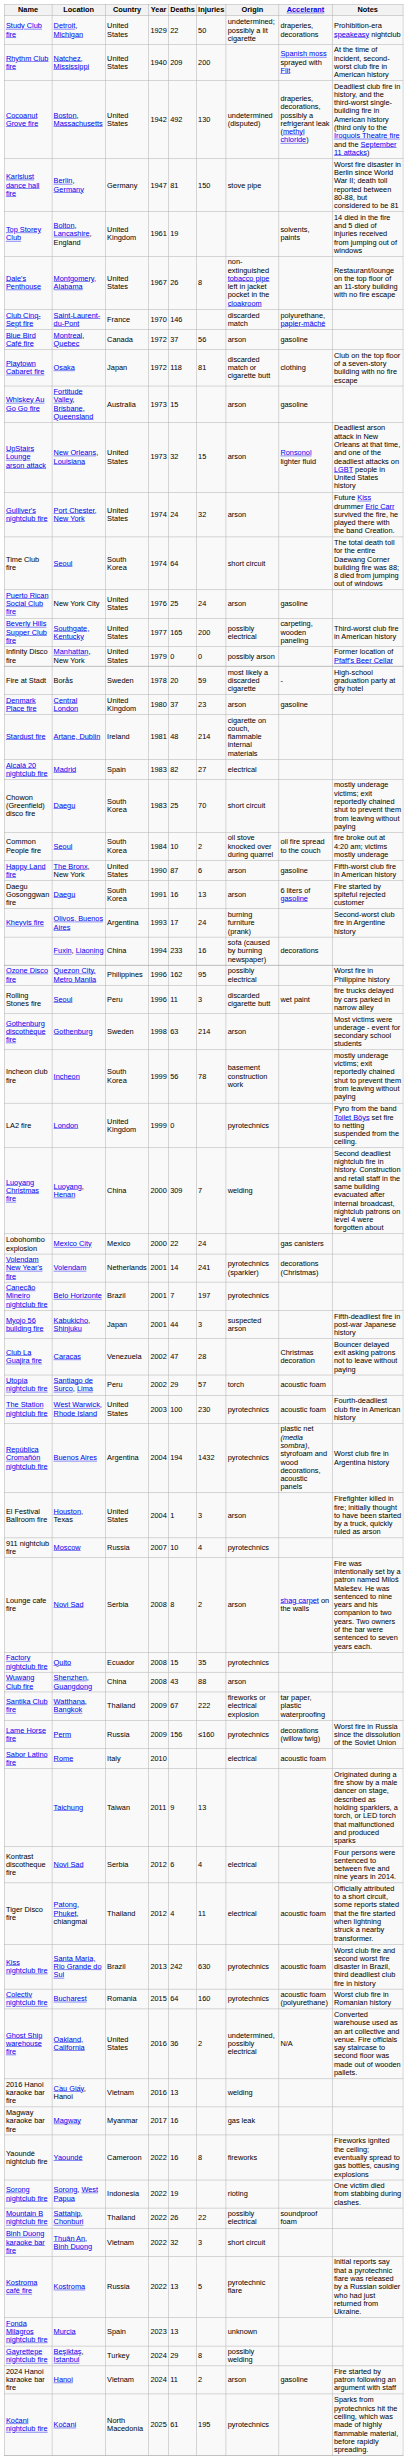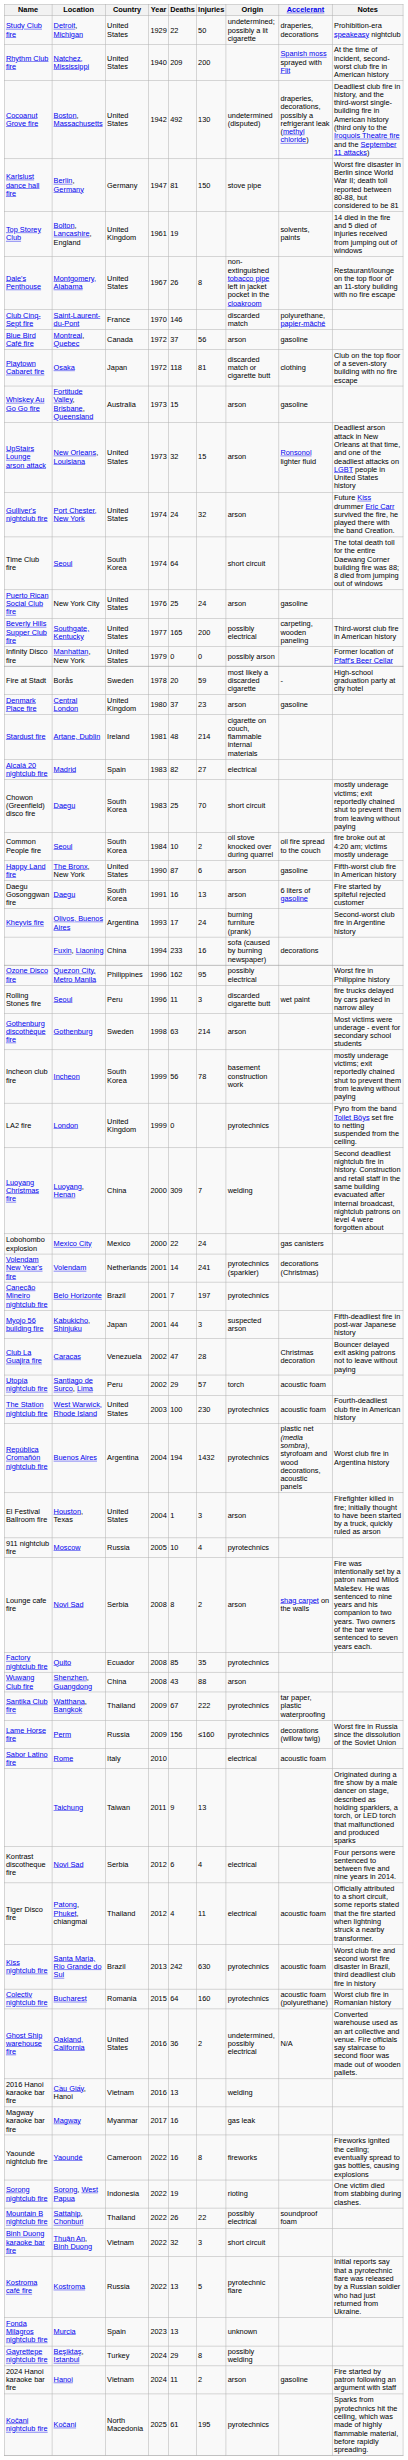 <table class="wikitable sortable">
 <tr>
 <th>Name</th>
 <th>Location</th>
 <th>Country</th>
 <th>Year</th>
 <th>Deaths</th>
 <th>Injuries</th>
 <th>Origin</th>
 <th><a href='#'>Accelerant</a></th>
 <th>Notes</th>
 </tr>
 <tr>
 <td><a href='#'>Study Club fire</a></td>
 <td><a href='#'>Detroit</a>, <a href='#'>Michigan</a></td>
 <td>United States</td>
 <td>1929</td>
 <td>22</td>
 <td>50</td>
 <td>undetermined; possibly a lit cigarette</td>
 <td>draperies, decorations</td>
 <td>Prohibition-era <a href='#'>speakeasy</a> nightclub</td>
 </tr>
 <tr>
 <td><a href='#'>Rhythm Club fire</a></td>
 <td><a href='#'>Natchez, Mississippi</a></td>
 <td>United States</td>
 <td>1940</td>
 <td>209</td>
 <td>200</td>
 <td></td>
 <td><a href='#'>Spanish moss</a> sprayed with <a href='#'>Flit</a></td>
 <td>At the time of incident, second-worst club fire in American history</td>
 </tr>
 <tr>
 <td><a href='#'>Cocoanut Grove fire</a></td>
 <td><a href='#'>Boston</a>, <a href='#'>Massachusetts</a></td>
 <td>United States</td>
 <td>1942</td>
 <td>492</td>
 <td>130</td>
 <td>undetermined (disputed)</td>
 <td>draperies, decorations, possibly a refrigerant leak (<a href='#'>methyl chloride</a>)</td>
 <td>Deadliest club fire in history, and the third-worst single-building fire in American history (third only to the <a href='#'>Iroquois Theatre fire</a> and the <a href='#'>September 11 attacks</a>)</td>
 </tr>
 <tr>
 <td><a href='#'>Karlslust dance hall fire</a></td>
 <td><a href='#'>Berlin</a>, <a href='#'>Germany</a></td>
 <td>Germany</td>
 <td>1947</td>
 <td>81</td>
 <td>150</td>
 <td>stove pipe</td>
 <td></td>
 <td>Worst fire disaster in Berlin since World War II; death toll reported between 80-88, but considered to be 81</td>
 </tr>
 <tr>
 <td><a href='#'>Top Storey Club</a></td>
 <td><a href='#'>Bolton</a>, <a href='#'>Lancashire</a>, England</td>
 <td>United Kingdom</td>
 <td>1961</td>
 <td>19</td>
 <td></td>
 <td></td>
 <td>solvents, paints</td>
 <td>14 died in the fire and 5 died of injuries received from jumping out of windows</td>
 </tr>
 <tr>
 <td><a href='#'>Dale's Penthouse</a></td>
 <td><a href='#'>Montgomery, Alabama</a></td>
 <td>United States</td>
 <td>1967</td>
 <td>26</td>
 <td>8</td>
 <td>non-extinguished <a href='#'>tobacco pipe</a> left in jacket pocket in the <a href='#'>cloakroom</a></td>
 <td></td>
 <td>Restaurant/lounge on the top floor of an 11-story building with no fire escape</td>
 </tr>
 <tr>
 <td><a href='#'>Club Cinq-Sept fire</a></td>
 <td><a href='#'>Saint-Laurent-du-Pont</a></td>
 <td>France</td>
 <td>1970</td>
 <td>146</td>
 <td></td>
 <td>discarded match</td>
 <td>polyurethane, <a href='#'>papier-mâché</a></td>
 <td></td>
 </tr>
 <tr>
 <td><a href='#'>Blue Bird Café fire</a></td>
 <td><a href='#'>Montreal</a>, <a href='#'>Quebec</a></td>
 <td>Canada</td>
 <td>1972</td>
 <td>37</td>
 <td>56</td>
 <td>arson</td>
 <td>gasoline</td>
 <td></td>
 </tr>
 <tr>
 <td><a href='#'>Playtown Cabaret fire</a></td>
 <td><a href='#'>Osaka</a></td>
 <td>Japan</td>
 <td>1972</td>
 <td>118</td>
 <td>81</td>
 <td>discarded match or cigarette butt</td>
 <td>clothing</td>
 <td>Club on the top floor of a seven-story building with no fire escape</td>
 </tr>
 <tr>
 <td><a href='#'>Whiskey Au Go Go fire</a></td>
 <td><a href='#'>Fortitude Valley</a>, <a href='#'>Brisbane</a>, <a href='#'>Queensland</a></td>
 <td>Australia</td>
 <td>1973</td>
 <td>15</td>
 <td></td>
 <td>arson</td>
 <td>gasoline</td>
 <td></td>
 </tr>
 <tr>
 <td><a href='#'>UpStairs Lounge arson attack</a></td>
 <td><a href='#'>New Orleans</a>, <a href='#'>Louisiana</a></td>
 <td>United States</td>
 <td>1973</td>
 <td>32</td>
 <td>15</td>
 <td>arson</td>
 <td><a href='#'>Ronsonol</a> lighter fluid</td>
 <td>Deadliest arson attack in New Orleans at that time, and one of the deadliest attacks on <a href='#'>LGBT</a> people in United States history</td>
 </tr>
 <tr>
 <td><a href='#'>Gulliver's nightclub fire</a></td>
 <td><a href='#'>Port Chester, New York</a></td>
 <td>United States</td>
 <td>1974</td>
 <td>24</td>
 <td>32</td>
 <td>arson</td>
 <td></td>
 <td>Future <a href='#'>Kiss</a> drummer <a href='#'>Eric Carr</a> survived the fire, he played there with the band Creation.</td>
 </tr>
 <tr>
 <td>Time Club fire</td>
 <td><a href='#'>Seoul</a></td>
 <td>South Korea</td>
 <td>1974</td>
 <td>64</td>
 <td></td>
 <td>short circuit</td>
 <td></td>
 <td>The total death toll for the entire Daewang Corner building fire was 88; 8 died from jumping out of windows</td>
 </tr>
 <tr>
 <td><a href='#'>Puerto Rican Social Club fire</a></td>
 <td>New York City</td>
 <td>United States</td>
 <td>1976</td>
 <td>25</td>
 <td>24</td>
 <td>arson</td>
 <td>gasoline</td>
 <td></td>
 </tr>
 <tr>
 <td><a href='#'>Beverly Hills Supper Club fire</a></td>
 <td><a href='#'>Southgate, Kentucky</a></td>
 <td>United States</td>
 <td>1977</td>
 <td>165</td>
 <td>200</td>
 <td>possibly electrical</td>
 <td>carpeting, wooden paneling</td>
 <td>Third-worst club fire in American history</td>
 </tr>
 <tr>
 <td>Infinity Disco fire</td>
 <td><a href='#'>Manhattan</a>, New York</td>
 <td>United States</td>
 <td>1979</td>
 <td>0</td>
 <td>0</td>
 <td>possibly arson</td>
 <td></td>
 <td>Former location of <a href='#'>Pfaff's Beer Cellar</a></td>
 </tr>
 <tr>
 </tr>
 <tr>
 <td>Fire at Stadt</td>
 <td>Borås</td>
 <td>Sweden</td>
 <td>1978</td>
 <td>20</td>
 <td>59</td>
 <td>most likely a discarded cigarette</td>
 <td>-</td>
 <td>High-school graduation party at city hotel</td>
 </tr>
 <tr>
 <td><a href='#'>Denmark Place fire</a></td>
 <td><a href='#'>Central London</a></td>
 <td>United Kingdom</td>
 <td>1980</td>
 <td>37</td>
 <td>23</td>
 <td>arson</td>
 <td>gasoline</td>
 <td></td>
 </tr>
 <tr>
 <td><a href='#'>Stardust fire</a></td>
 <td><a href='#'>Artane, Dublin</a></td>
 <td>Ireland</td>
 <td>1981</td>
 <td>48</td>
 <td>214</td>
 <td>cigarette on couch, flammable internal materials</td>
 <td></td>
 <td></td>
 </tr>
 <tr>
 <td><a href='#'>Alcalá 20 nightclub fire</a></td>
 <td><a href='#'>Madrid</a></td>
 <td>Spain</td>
 <td>1983</td>
 <td>82</td>
 <td>27</td>
 <td>electrical</td>
 <td></td>
 <td></td>
 </tr>
 <tr>
 <td>Chowon (Greenfield) disco fire</td>
 <td><a href='#'>Daegu</a></td>
 <td>South Korea</td>
 <td>1983</td>
 <td>25</td>
 <td>70</td>
 <td>short circuit</td>
 <td></td>
 <td>mostly underage victims; exit reportedly chained shut to prevent them from leaving without paying</td>
 </tr>
 <tr>
 <td>Common People fire</td>
 <td><a href='#'>Seoul</a></td>
 <td>South Korea</td>
 <td>1984</td>
 <td>10</td>
 <td>2</td>
 <td>oil stove knocked over during quarrel</td>
 <td>oil fire spread to the couch</td>
 <td>fire broke out at 4:20 am; victims mostly underage</td>
 </tr>
 <tr>
 <td><a href='#'>Happy Land fire</a></td>
 <td><a href='#'>The Bronx</a>, New York</td>
 <td>United States</td>
 <td>1990</td>
 <td>87</td>
 <td>6</td>
 <td>arson</td>
 <td>gasoline</td>
 <td>Fifth-worst club fire in American history</td>
 </tr>
 <tr>
 <td>Daegu Gosonggwan fire</td>
 <td><a href='#'>Daegu</a></td>
 <td>South Korea</td>
 <td>1991</td>
 <td>16</td>
 <td>13</td>
 <td>arson</td>
 <td>6 liters of <a href='#'>gasoline</a></td>
 <td>Fire started by spiteful rejected customer</td>
 </tr>
 <tr>
 <td><a href='#'>Kheyvis fire</a></td>
 <td><a href='#'>Olivos, Buenos Aires</a></td>
 <td>Argentina</td>
 <td>1993</td>
 <td>17</td>
 <td>24</td>
 <td>burning furniture (prank)</td>
 <td></td>
 <td>Second-worst club fire in Argentine history</td>
 </tr>
 <tr>
 <td></td>
 <td><a href='#'>Fuxin</a>, <a href='#'>Liaoning</a></td>
 <td>China</td>
 <td>1994</td>
 <td>233</td>
 <td>16</td>
 <td>sofa (caused by burning newspaper)</td>
 <td>decorations</td>
 <td></td>
 </tr>
 <tr>
 </tr>
 <tr>
 <td><a href='#'>Ozone Disco fire</a></td>
 <td><a href='#'>Quezon City, Metro Manila</a></td>
 <td>Philippines</td>
 <td>1996</td>
 <td>162</td>
 <td>95</td>
 <td>possibly electrical</td>
 <td></td>
 <td>Worst fire in Philippine history</td>
 </tr>
 <tr>
 <td>Rolling Stones fire</td>
 <td><a href='#'>Seoul</a></td>
 <td>Peru</td>
 <td>1996</td>
 <td>11</td>
 <td>3</td>
 <td>discarded cigarette butt</td>
 <td>wet paint</td>
 <td>fire trucks delayed by cars parked in narrow alley</td>
 </tr>
 <tr>
 <td><a href='#'>Gothenburg discothèque fire</a></td>
 <td><a href='#'>Gothenburg</a></td>
 <td>Sweden</td>
 <td>1998</td>
 <td>63</td>
 <td>214</td>
 <td>arson</td>
 <td></td>
 <td>Most victims were underage - event for secondary school students</td>
 </tr>
 <tr>
 <td>Incheon club fire</td>
 <td><a href='#'>Incheon</a></td>
 <td>South Korea</td>
 <td>1999</td>
 <td>56</td>
 <td>78</td>
 <td>basement construction work</td>
 <td></td>
 <td>mostly underage victims; exit reportedly chained shut to prevent them from leaving without paying</td>
 </tr>
 <tr>
 <td>LA2 fire</td>
 <td><a href='#'>London</a></td>
 <td>United Kingdom</td>
 <td>1999</td>
 <td>0</td>
 <td></td>
 <td>pyrotechnics</td>
 <td></td>
 <td>Pyro from the band <a href='#'>Toilet Böys</a> set fire to netting suspended from the ceiling. </td>
 </tr>
 <tr>
 <td><a href='#'>Luoyang Christmas fire</a></td>
 <td><a href='#'>Luoyang</a>, <a href='#'>Henan</a></td>
 <td>China</td>
 <td>2000</td>
 <td>309</td>
 <td>7</td>
 <td>welding</td>
 <td></td>
 <td>Second deadliest nightclub fire in history.  Construction and retail staff in the same building evacuated after internal broadcast, nightclub patrons on level 4 were forgotten about</td>
 </tr>
 <tr>
 <td>Lobohombo explosion</td>
 <td><a href='#'>Mexico City</a></td>
 <td>Mexico</td>
 <td>2000</td>
 <td>22</td>
 <td>24</td>
 <td></td>
 <td>gas canisters</td>
 <td></td>
 </tr>
 <tr>
 <td><a href='#'>Volendam New Year's fire</a></td>
 <td><a href='#'>Volendam</a></td>
 <td>Netherlands</td>
 <td>2001</td>
 <td>14</td>
 <td>241</td>
 <td>pyrotechnics (sparkler)</td>
 <td>decorations (Christmas)</td>
 <td></td>
 </tr>
 <tr>
 <td><a href='#'>Canecão Mineiro nightclub fire</a></td>
 <td><a href='#'>Belo Horizonte</a></td>
 <td>Brazil</td>
 <td>2001</td>
 <td>7</td>
 <td>197</td>
 <td>pyrotechnics</td>
 <td></td>
 <td></td>
 </tr>
 <tr>
 <td><a href='#'>Myojo 56 building fire</a></td>
 <td><a href='#'>Kabukicho</a>, <a href='#'>Shinjuku</a></td>
 <td>Japan</td>
 <td>2001</td>
 <td>44</td>
 <td>3</td>
 <td>suspected arson</td>
 <td></td>
 <td>Fifth-deadliest fire in post-war Japanese history</td>
 </tr>
 <tr>
 <td><a href='#'>Club La Guajira fire</a></td>
 <td><a href='#'>Caracas</a></td>
 <td>Venezuela</td>
 <td>2002</td>
 <td>47</td>
 <td>28</td>
 <td></td>
 <td>Christmas decoration</td>
 <td>Bouncer delayed exit asking patrons not to leave without paying</td>
 </tr>
 <tr>
 <td><a href='#'>Utopía nightclub fire</a></td>
 <td><a href='#'>Santiago de Surco</a>, <a href='#'>Lima</a></td>
 <td>Peru</td>
 <td>2002</td>
 <td>29</td>
 <td>57</td>
 <td>torch</td>
 <td>acoustic foam</td>
 <td></td>
 </tr>
 <tr>
 <td><a href='#'>The Station nightclub fire</a></td>
 <td><a href='#'>West Warwick, Rhode Island</a></td>
 <td>United States</td>
 <td>2003</td>
 <td>100</td>
 <td>230</td>
 <td>pyrotechnics</td>
 <td>acoustic foam</td>
 <td>Fourth-deadliest club fire in American history</td>
 </tr>
 <tr>
 <td><a href='#'>República Cromañón nightclub fire</a></td>
 <td><a href='#'>Buenos Aires</a></td>
 <td>Argentina</td>
 <td>2004</td>
 <td>194</td>
 <td>1432</td>
 <td>pyrotechnics</td>
 <td>plastic net <em>(media sombra)</em>, styrofoam and wood decorations, acoustic panels</td>
 <td>Worst club fire in Argentina history</td>
 </tr>
 <tr>
 <td>El Festival Ballroom fire</td>
 <td><a href='#'>Houston</a>, Texas</td>
 <td>United States</td>
 <td>2004</td>
 <td>1</td>
 <td>3</td>
 <td>arson</td>
 <td></td>
 <td>Firefighter killed in fire; initially thought to have been started by a truck, quickly ruled as arson</td>
 </tr>
 <tr>
 <td>911 nightclub fire</td>
 <td><a href='#'>Moscow</a></td>
 <td>Russia</td>
-<td>2007</td>
+<td>2005</td>
 <td>10</td>
 <td>4</td>
 <td>pyrotechnics</td>
 <td></td>
 <td></td>
 </tr>
 <tr>
 <td>Lounge cafe fire</td>
 <td><a href='#'>Novi Sad</a></td>
 <td>Serbia</td>
 <td>2008</td>
 <td>8</td>
 <td>2</td>
 <td>arson</td>
 <td><a href='#'>shag carpet</a> on the walls</td>
 <td>Fire was intentionally set by a patron named Miloš Malešev. He was sentenced to nine years and his companion to two years. Two owners of the bar were sentenced to seven years each.</td>
 </tr>
 <tr>
 <td><a href='#'>Factory nightclub fire</a></td>
 <td><a href='#'>Quito</a></td>
 <td>Ecuador</td>
 <td>2008</td>
-<td>15</td>
+<td>85</td>
 <td>35</td>
 <td>pyrotechnics</td>
 <td></td>
 <td></td>
 </tr>
 <tr>
 <td><a href='#'>Wuwang Club fire</a></td>
 <td><a href='#'>Shenzhen</a>, <a href='#'>Guangdong</a></td>
 <td>China</td>
 <td>2008</td>
 <td>43</td>
 <td>88</td>
 <td>arson</td>
 <td></td>
 <td></td>
 </tr>
 <tr>
 <td><a href='#'>Santika Club fire</a></td>
 <td><a href='#'>Watthana</a>, <a href='#'>Bangkok</a></td>
 <td>Thailand</td>
 <td>2009</td>
 <td>67</td>
 <td>222</td>
-<td>fireworks or electrical explosion</td>
+<td>pyrotechnics</td>
 <td>tar paper, plastic waterproofing</td>
 <td></td>
 </tr>
 <tr>
 <td><a href='#'>Lame Horse fire</a></td>
 <td><a href='#'>Perm</a></td>
 <td>Russia</td>
 <td>2009</td>
 <td>156</td>
 <td>≤160</td>
 <td>pyrotechnics</td>
 <td>decorations (willow twig)</td>
 <td>Worst fire in Russia since the dissolution of the Soviet Union</td>
 </tr>
 <tr>
 <td><a href='#'>Sabor Latino fire</a></td>
 <td><a href='#'>Rome</a></td>
 <td>Italy</td>
 <td>2010</td>
 <td></td>
 <td></td>
 <td>electrical</td>
 <td>acoustic foam</td>
 <td></td>
 </tr>
 <tr>
 <td></td>
 <td><a href='#'>Taichung</a></td>
 <td>Taiwan</td>
 <td>2011</td>
 <td>9</td>
 <td>13</td>
 <td></td>
 <td></td>
 <td>Originated during a fire show by a male dancer on stage, described as holding sparklers, a torch, or LED torch that malfunctioned and produced sparks</td>
 </tr>
 <tr>
 <td>Kontrast discotheque fire</td>
 <td><a href='#'>Novi Sad</a></td>
 <td>Serbia</td>
 <td>2012</td>
 <td>6</td>
 <td>4</td>
 <td>electrical</td>
 <td></td>
 <td>Four persons were sentenced to between five and nine years in 2014.</td>
 </tr>
 <tr>
 <td>Tiger Disco fire</td>
 <td><a href='#'>Patong</a>, <a href='#'>Phuket</a>, chiangmai</td>
 <td>Thailand</td>
 <td>2012</td>
 <td>4</td>
 <td>11</td>
 <td>electrical</td>
 <td>acoustic foam</td>
 <td>Officially attributed to a short circuit, some reports stated that the fire started when lightning struck a nearby transformer.</td>
 </tr>
 <tr>
 <td><a href='#'>Kiss nightclub fire</a></td>
 <td><a href='#'>Santa Maria, Rio Grande do Sul</a></td>
 <td>Brazil</td>
 <td>2013</td>
 <td>242</td>
 <td>630</td>
 <td>pyrotechnics</td>
 <td>acoustic foam</td>
 <td>Worst club fire and second worst fire disaster in Brazil, third deadliest club fire in history</td>
 </tr>
 <tr>
 <td><a href='#'>Colectiv nightclub fire</a></td>
 <td><a href='#'>Bucharest</a></td>
 <td>Romania</td>
 <td>2015</td>
 <td>64</td>
 <td>160</td>
 <td>pyrotechnics</td>
 <td>acoustic foam (polyurethane)</td>
 <td>Worst club fire in Romanian history</td>
 </tr>
 <tr>
 <td><a href='#'>Ghost Ship warehouse fire</a></td>
 <td><a href='#'>Oakland, California</a></td>
 <td>United States</td>
 <td>2016</td>
 <td>36</td>
 <td>2</td>
 <td>undetermined, possibly electrical</td>
 <td>N/A</td>
 <td>Converted warehouse used as an art collective and venue. Fire officials say staircase to second floor was made out of wooden pallets.</td>
 </tr>
 <tr>
 <td>2016 Hanoi karaoke bar fire</td>
 <td><a href='#'>Cầu Giấy</a>, Hanoi</td>
 <td>Vietnam</td>
 <td>2016</td>
 <td>13</td>
 <td></td>
 <td>welding</td>
 <td></td>
 <td></td>
 </tr>
 <tr>
 <td>Magway karaoke bar fire</td>
 <td><a href='#'>Magway</a></td>
 <td>Myanmar</td>
 <td>2017</td>
 <td>16</td>
 <td></td>
 <td>gas leak</td>
 <td></td>
 <td></td>
 </tr>
 <tr>
 <td>Yaoundé nightclub fire</td>
 <td><a href='#'>Yaoundé</a></td>
 <td>Cameroon</td>
 <td>2022</td>
 <td>16</td>
 <td>8</td>
 <td>fireworks</td>
 <td></td>
 <td>Fireworks ignited the ceiling; eventually spread to gas bottles, causing explosions</td>
 </tr>
 <tr>
 <td><a href='#'>Sorong nightclub fire</a></td>
 <td><a href='#'>Sorong</a>, <a href='#'>West Papua</a></td>
 <td>Indonesia</td>
 <td>2022</td>
 <td>19</td>
 <td></td>
 <td>rioting</td>
 <td></td>
 <td>One victim died from stabbing during clashes.</td>
 </tr>
 <tr>
 <td><a href='#'>Mountain B nightclub fire</a></td>
 <td><a href='#'>Sattahip</a>, <a href='#'>Chonburi</a></td>
 <td>Thailand</td>
 <td>2022</td>
 <td>26</td>
 <td>22</td>
 <td>possibly electrical</td>
 <td>soundproof foam</td>
 <td></td>
 </tr>
 <tr>
 <td><a href='#'>Binh Duong karaoke bar fire</a></td>
 <td><a href='#'>Thuận An</a>, <a href='#'>Binh Duong</a></td>
 <td>Vietnam</td>
 <td>2022</td>
 <td>32</td>
 <td>3</td>
 <td>short circuit</td>
 <td></td>
 <td></td>
 </tr>
 <tr>
 <td><a href='#'>Kostroma café fire</a></td>
 <td><a href='#'>Kostroma</a></td>
 <td>Russia</td>
 <td>2022</td>
 <td>13</td>
 <td>5</td>
 <td>pyrotechnic flare</td>
 <td></td>
 <td>Initial reports say that a pyrotechnic flare was released by a Russian soldier who had just returned from Ukraine.</td>
 </tr>
 <tr>
 <td><a href='#'>Fonda Milagros nightclub fire</a></td>
 <td><a href='#'>Murcia</a></td>
 <td>Spain</td>
 <td>2023</td>
 <td>13</td>
 <td></td>
 <td>unknown</td>
 <td></td>
 <td></td>
 </tr>
 <tr>
 <td><a href='#'>Gayrettepe nightclub fire</a></td>
 <td><a href='#'>Beşiktaş</a>, <a href='#'>Istanbul</a></td>
 <td>Turkey</td>
 <td>2024</td>
 <td>29</td>
 <td>8</td>
 <td>possibly welding</td>
 <td></td>
 <td></td>
 </tr>
 <tr>
 <td>2024 Hanoi karaoke bar fire</td>
 <td><a href='#'>Hanoi</a></td>
 <td>Vietnam</td>
 <td>2024</td>
 <td>11</td>
 <td>2</td>
 <td>arson</td>
 <td>gasoline</td>
 <td>Fire started by patron following an argument with staff</td>
 </tr>
 <tr>
 <td><a href='#'>Kočani nightclub fire</a></td>
 <td><a href='#'>Kočani</a></td>
 <td>North Macedonia</td>
 <td>2025</td>
 <td>61</td>
 <td>195</td>
 <td>pyrotechnics</td>
 <td></td>
 <td>Sparks from pyrotechnics hit the ceiling, which was made of highly flammable material, before rapidly spreading.</td>
 </tr>
 <tr>
 </tr>
 </table>
